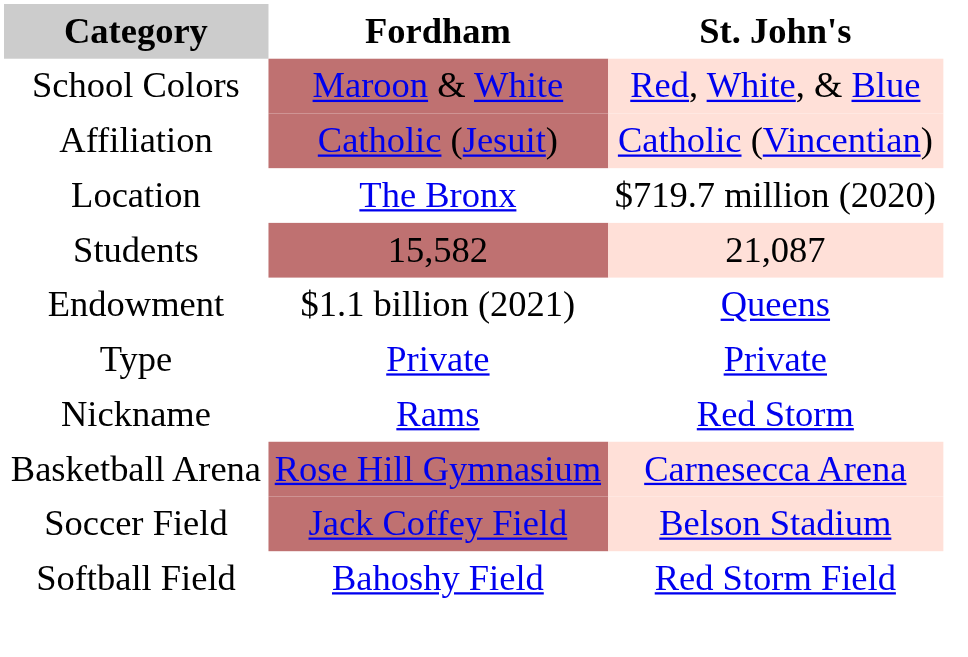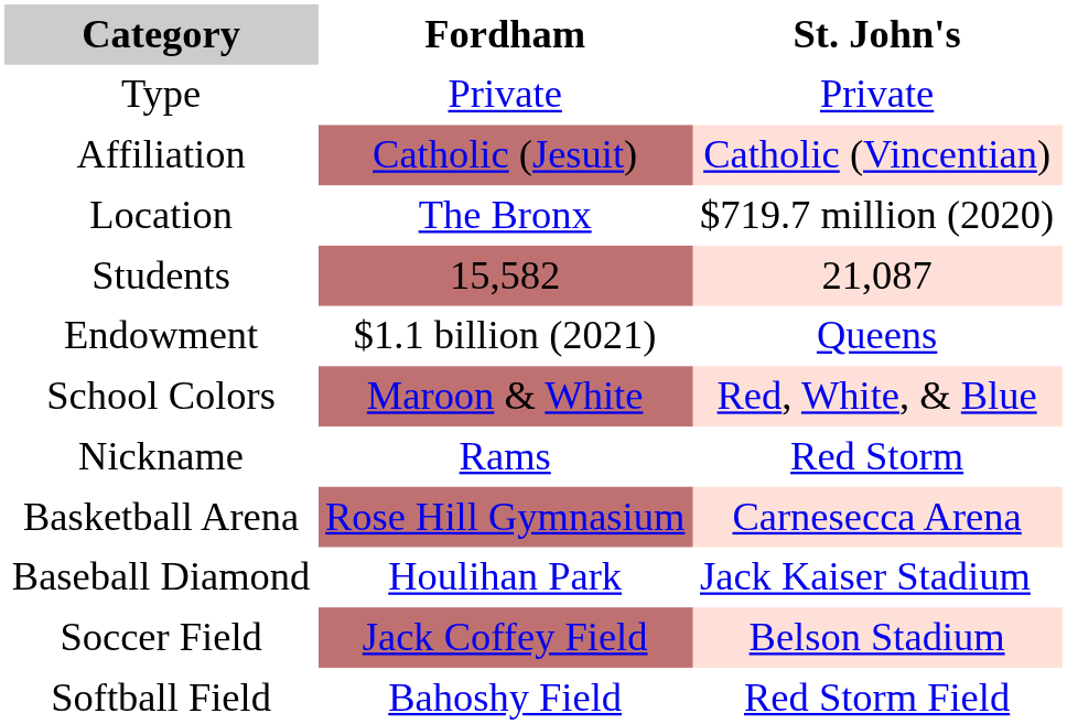 <table cellspacing=0 cellpadding=3 style="">
 <tr>
 <th style="background:#CCCCCC; text-align:center"><strong>Category</strong></th>
 <th><strong>Fordham</strong></th>
 <th><strong>St. John's</strong></th>
 </tr>
 <tr>
-<td align=center>School Colors</td>
-<td align=center  ! style="background: #bf7171;"><a href='#'>Maroon</a> & <a href='#'>White</a></td>
-<td align=center ! style="background: #ffe0d8;"><a href='#'>Red</a>, <a href='#'>White</a>, & <a href='#'>Blue</a></td>
+<td align=center>Type</td>
+<td align=center><a href='#'>Private</a></td>
+<td align=center><a href='#'>Private</a></td>
 </tr>
 <tr>
 <td align=center>Affiliation</td>
 <td align=center ! style="background: #bf7171;"><a href='#'>Catholic</a> (<a href='#'>Jesuit</a>)</td>
 <td align=center ! style="background: #ffe0d8;"><a href='#'>Catholic</a> (<a href='#'>Vincentian</a>)</td>
 </tr>
 <tr>
 <td align=center>Location</td>
 <td align=center><a href='#'>The Bronx</a></td>
 <td align=center>$719.7 million (2020)</td>
 </tr>
 <tr>
 <td align=center>Students</td>
 <td align=center  ! style="background: #bf7171;">15,582</td>
 <td align=center ! style="background: #ffe0d8;">21,087</td>
 </tr>
 <tr>
 <td align=center>Endowment</td>
 <td align=center>$1.1 billion (2021)</td>
 <td align=center><a href='#'>Queens</a></td>
 </tr>
 <tr>
-<td align=center>Type</td>
-<td align=center><a href='#'>Private</a></td>
-<td align=center><a href='#'>Private</a></td>
+<td align=center>School Colors</td>
+<td align=center  ! style="background: #bf7171;"><a href='#'>Maroon</a> & <a href='#'>White</a></td>
+<td align=center ! style="background: #ffe0d8;"><a href='#'>Red</a>, <a href='#'>White</a>, & <a href='#'>Blue</a></td>
 </tr>
 <tr>
 <td align=center>Nickname</td>
 <td align=center><a href='#'>Rams</a></td>
 <td align=center><a href='#'>Red Storm</a></td>
 </tr>
 <tr>
 <td align=center>Basketball Arena</td>
 <td align=center ! style="background: #bf7171;"><a href='#'>Rose Hill Gymnasium</a></td>
 <td align=center ! style="background: #ffe0d8;"><a href='#'>Carnesecca Arena</a></td>
 </tr>
 <tr>
+<td align=center>Baseball Diamond</td>
+<td align=center><a href='#'>Houlihan Park</a></td>
+<td><a href='#'>Jack Kaiser Stadium</a></td>
+</tr>
+<tr>
 <td align=center>Soccer Field</td>
 <td align=center ! style="background: #bf7171;"><a href='#'>Jack Coffey Field</a></td>
 <td align=center ! style="background: #ffe0d8;"><a href='#'>Belson Stadium</a></td>
 </tr>
 <tr>
 <td align=center>Softball Field</td>
 <td align=center><a href='#'>Bahoshy Field</a></td>
 <td align=center><a href='#'>Red Storm Field</a></td>
 </tr>
 </table>
